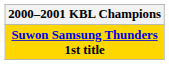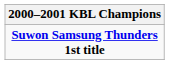 <table class=wikitable style="text-align:center; margin:auto">
 <tr>
 <th>2000–2001 KBL Champions</th>
 </tr>
 <tr>
-<td style="background: gold;"><strong><a href='#'>Suwon Samsung Thunders</a></strong><br><strong>1st title</strong></td>
+<td><strong><a href='#'>Suwon Samsung Thunders</a></strong><br><strong>1st title</strong></td>
 </tr>
 </table>
